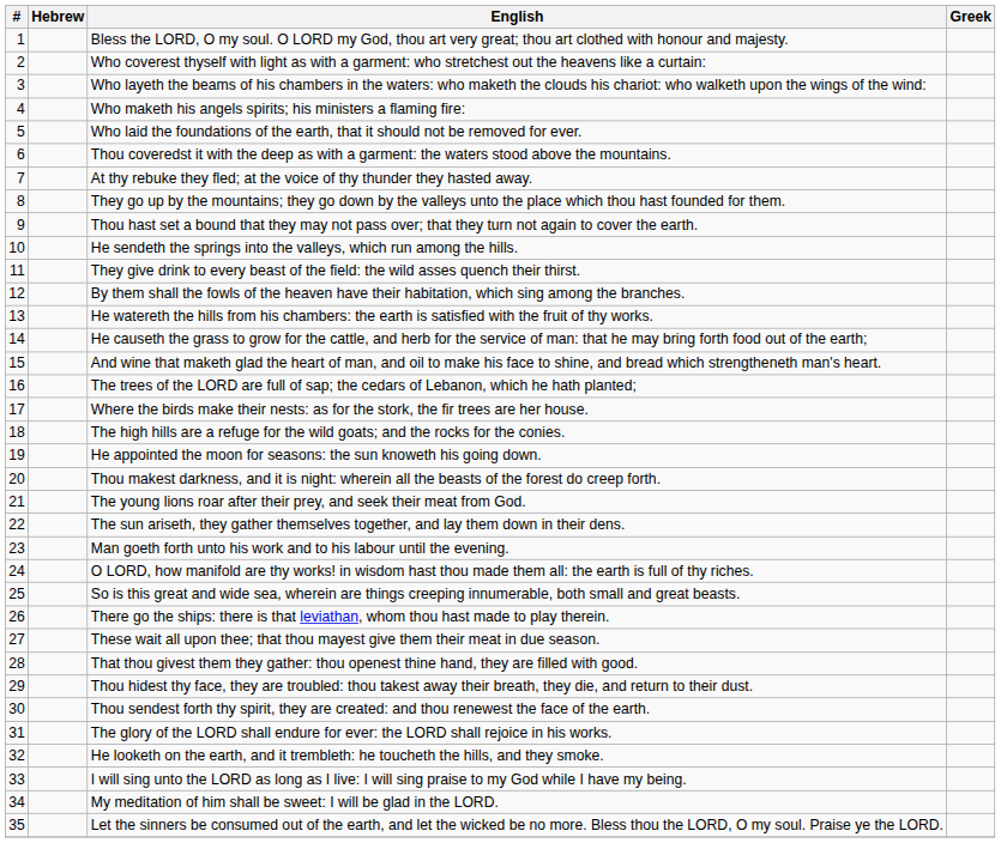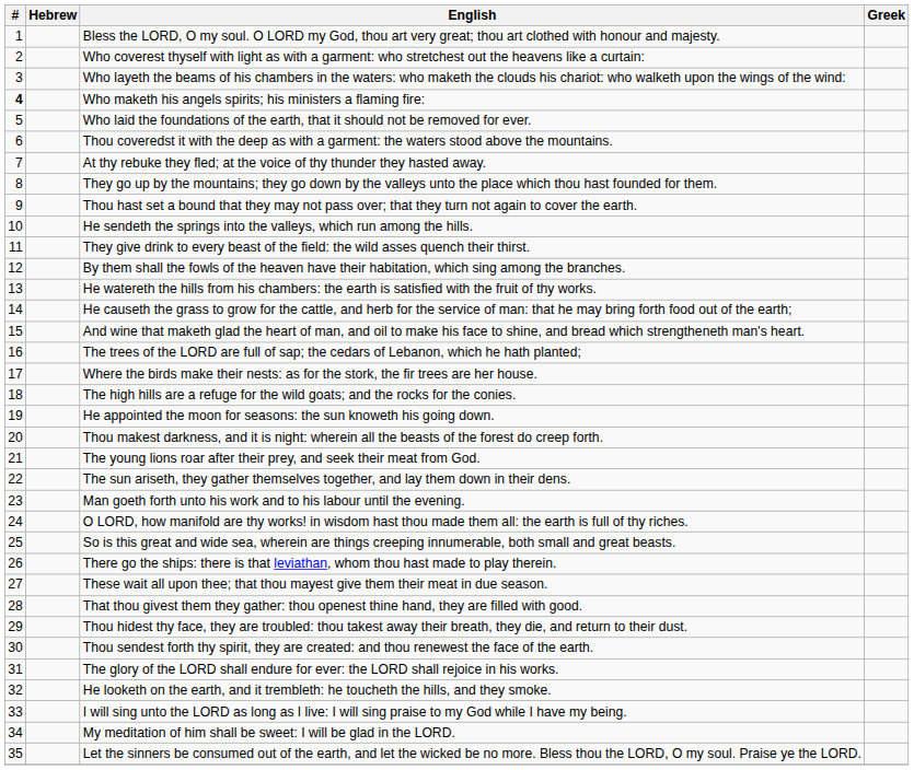 <table class=wikitable>
 <tr>
 <th>#</th>
 <th>Hebrew</th>
 <th>English</th>
 <th>Greek</th>
 </tr>
 <tr>
 <td style="text-align:right">1</td>
 <td style="text-align:right"></td>
 <td>Bless the LORD, O my soul. O LORD my God, thou art very great; thou art clothed with honour and majesty.</td>
 <td></td>
 </tr>
 <tr>
 <td style="text-align:right">2</td>
 <td style="text-align:right"></td>
 <td>Who coverest thyself with light as with a garment: who stretchest out the heavens like a curtain:</td>
 <td></td>
 </tr>
 <tr>
 <td style="text-align:right">3</td>
 <td style="text-align:right"></td>
 <td>Who layeth the beams of his chambers in the waters: who maketh the clouds his chariot: who walketh upon the wings of the wind:</td>
 <td></td>
 </tr>
 <tr>
-<td style="text-align:right">4</td>
+<td style="text-align:right"><strong>4</strong></td>
 <td style="text-align:right"></td>
 <td>Who maketh his angels spirits; his ministers a flaming fire:</td>
 <td></td>
 </tr>
 <tr>
 <td style="text-align:right">5</td>
 <td style="text-align:right"></td>
 <td>Who laid the foundations of the earth, that it should not be removed for ever.</td>
 <td></td>
 </tr>
 <tr>
 <td style="text-align:right">6</td>
 <td style="text-align:right"></td>
 <td>Thou coveredst it with the deep as with a garment: the waters stood above the mountains.</td>
 <td></td>
 </tr>
 <tr>
 <td style="text-align:right">7</td>
 <td style="text-align:right"></td>
 <td>At thy rebuke they fled; at the voice of thy thunder they hasted away.</td>
 <td></td>
 </tr>
 <tr>
 <td style="text-align:right">8</td>
 <td style="text-align:right"></td>
 <td>They go up by the mountains; they go down by the valleys unto the place which thou hast founded for them.</td>
 <td></td>
 </tr>
 <tr>
 <td style="text-align:right">9</td>
 <td style="text-align:right"></td>
 <td>Thou hast set a bound that they may not pass over; that they turn not again to cover the earth.</td>
 <td></td>
 </tr>
 <tr>
 <td style="text-align:right">10</td>
 <td style="text-align:right"></td>
 <td>He sendeth the springs into the valleys, which run among the hills.</td>
 <td></td>
 </tr>
 <tr>
 <td style="text-align:right">11</td>
 <td style="text-align:right"></td>
 <td>They give drink to every beast of the field: the wild asses quench their thirst.</td>
 <td></td>
 </tr>
 <tr>
 <td style="text-align:right">12</td>
 <td style="text-align:right"></td>
 <td>By them shall the fowls of the heaven have their habitation, which sing among the branches.</td>
 <td></td>
 </tr>
 <tr>
 <td style="text-align:right">13</td>
 <td style="text-align:right"></td>
 <td>He watereth the hills from his chambers: the earth is satisfied with the fruit of thy works.</td>
 <td></td>
 </tr>
 <tr>
 <td style="text-align:right">14</td>
 <td style="text-align:right"></td>
 <td>He causeth the grass to grow for the cattle, and herb for the service of man: that he may bring forth food out of the earth;</td>
 <td></td>
 </tr>
 <tr>
 <td style="text-align:right">15</td>
 <td style="text-align:right"></td>
 <td>And wine that maketh glad the heart of man, and oil to make his face to shine, and bread which strengtheneth man's heart.</td>
 <td></td>
 </tr>
 <tr>
 <td style="text-align:right">16</td>
 <td style="text-align:right"></td>
 <td>The trees of the LORD are full of sap; the cedars of Lebanon, which he hath planted;</td>
 <td></td>
 </tr>
 <tr>
 <td style="text-align:right">17</td>
 <td style="text-align:right"></td>
 <td>Where the birds make their nests: as for the stork, the fir trees are her house.</td>
 <td></td>
 </tr>
 <tr>
 <td style="text-align:right">18</td>
 <td style="text-align:right"></td>
 <td>The high hills are a refuge for the wild goats; and the rocks for the conies.</td>
 <td></td>
 </tr>
 <tr>
 <td style="text-align:right">19</td>
 <td style="text-align:right"></td>
 <td>He appointed the moon for seasons: the sun knoweth his going down.</td>
 <td></td>
 </tr>
 <tr>
 <td style="text-align:right">20</td>
 <td style="text-align:right"></td>
 <td>Thou makest darkness, and it is night: wherein all the beasts of the forest do creep forth.</td>
 <td></td>
 </tr>
 <tr>
 <td style="text-align:right">21</td>
 <td style="text-align:right"></td>
 <td>The young lions roar after their prey, and seek their meat from God.</td>
 <td></td>
 </tr>
 <tr>
 <td style="text-align:right">22</td>
 <td style="text-align:right"></td>
 <td>The sun ariseth, they gather themselves together, and lay them down in their dens.</td>
 <td></td>
 </tr>
 <tr>
 <td style="text-align:right">23</td>
 <td style="text-align:right"></td>
 <td>Man goeth forth unto his work and to his labour until the evening.</td>
 <td></td>
 </tr>
 <tr>
 <td style="text-align:right">24</td>
 <td style="text-align:right"></td>
 <td>O LORD, how manifold are thy works! in wisdom hast thou made them all: the earth is full of thy riches.</td>
 <td></td>
 </tr>
 <tr>
 <td style="text-align:right">25</td>
 <td style="text-align:right"></td>
 <td>So is this great and wide sea, wherein are things creeping innumerable, both small and great beasts.</td>
 <td></td>
 </tr>
 <tr>
 <td style="text-align:right">26</td>
 <td style="text-align:right"></td>
 <td>There go the ships: there is that <a href='#'>leviathan</a>, whom thou hast made to play therein.</td>
 <td></td>
 </tr>
 <tr>
 <td style="text-align:right">27</td>
 <td style="text-align:right"></td>
 <td>These wait all upon thee; that thou mayest give them their meat in due season.</td>
 <td></td>
 </tr>
 <tr>
 <td style="text-align:right">28</td>
 <td style="text-align:right"></td>
 <td>That thou givest them they gather: thou openest thine hand, they are filled with good.</td>
 <td></td>
 </tr>
 <tr>
 <td style="text-align:right">29</td>
 <td style="text-align:right"></td>
 <td>Thou hidest thy face, they are troubled: thou takest away their breath, they die, and return to their dust.</td>
 <td></td>
 </tr>
 <tr>
 <td style="text-align:right">30</td>
 <td style="text-align:right"></td>
 <td>Thou sendest forth thy spirit, they are created: and thou renewest the face of the earth.</td>
 <td></td>
 </tr>
 <tr>
 <td style="text-align:right">31</td>
 <td style="text-align:right"></td>
 <td>The glory of the LORD shall endure for ever: the LORD shall rejoice in his works.</td>
 <td></td>
 </tr>
 <tr>
 <td style="text-align:right">32</td>
 <td style="text-align:right"></td>
 <td>He looketh on the earth, and it trembleth: he toucheth the hills, and they smoke.</td>
 <td></td>
 </tr>
 <tr>
 <td style="text-align:right">33</td>
 <td style="text-align:right"></td>
 <td>I will sing unto the LORD as long as I live: I will sing praise to my God while I have my being.</td>
 <td></td>
 </tr>
 <tr>
 <td style="text-align:right">34</td>
 <td style="text-align:right"></td>
 <td>My meditation of him shall be sweet: I will be glad in the LORD.</td>
 <td></td>
 </tr>
 <tr>
 <td style="text-align:right">35</td>
 <td style="text-align:right"></td>
 <td>Let the sinners be consumed out of the earth, and let the wicked be no more. Bless thou the LORD, O my soul. Praise ye the LORD.</td>
 <td></td>
 </tr>
 <tr>
 </tr>
 </table>
